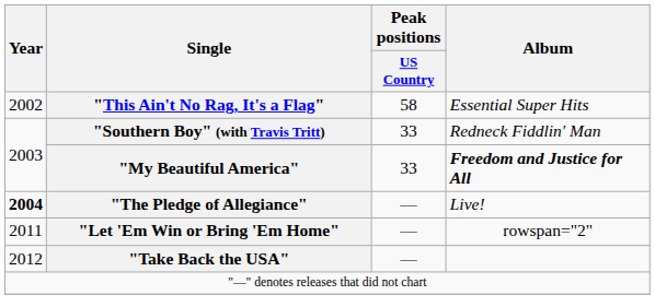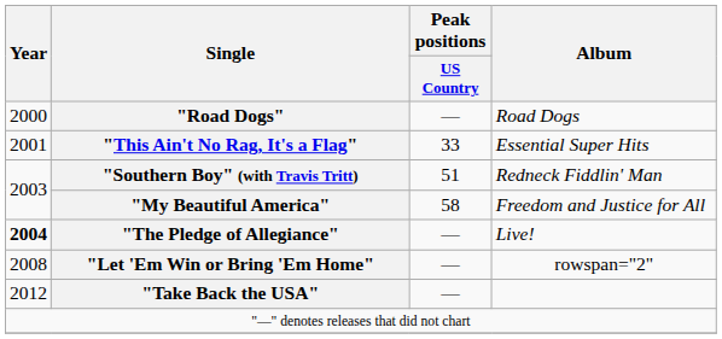 <table class="wikitable plainrowheaders" style="text-align:center;">
 <tr>
 <th rowspan="2">Year</th>
 <th rowspan="2" style="width:24em;">Single</th>
 <th colspan="1">Peak positions</th>
 <th rowspan="2" style="width:14em;">Album</th>
 </tr>
 <tr style="font-size:smaller;">
 <th width="65"><a href='#'>US Country</a></th>
 </tr>
 <tr>
-<td>2002</td>
+<td>2000</td>
+<th scope="row">"Road Dogs"</th>
+<td>—</td>
+<td align="left"><em>Road Dogs</em></td>
+</tr>
+<tr>
+<td>2001</td>
 <th scope="row">"<a href='#'>This Ain't No Rag, It's a Flag</a>"</th>
-<td>58</td>
+<td>33</td>
 <td align="left"><em>Essential Super Hits</em></td>
 </tr>
 <tr>
 <td rowspan="2">2003</td>
 <th scope="row">"Southern Boy" <small>(with <a href='#'>Travis Tritt</a>)</small></th>
-<td>33</td>
+<td>51</td>
 <td align="left"><em>Redneck Fiddlin' Man</em></td>
 </tr>
 <tr>
 <th scope="row">"My Beautiful America"</th>
-<td>33</td>
-<td align="left"><strong><em>Freedom and Justice for All</em></strong></td>
+<td>58</td>
+<td align="left"><em>Freedom and Justice for All</em></td>
 </tr>
 <tr>
 <td><strong>2004</strong></td>
 <th scope="row">"The Pledge of Allegiance"</th>
 <td>—</td>
 <td align="left"><em>Live!</em></td>
 </tr>
 <tr>
-<td>2011</td>
+<td>2008</td>
 <th scope="row">"Let 'Em Win or Bring 'Em Home"</th>
 <td>—</td>
 <td>rowspan="2" </td>
 </tr>
 <tr>
 <td>2012</td>
 <th scope="row">"Take Back the USA"</th>
 <td>—</td>
 </tr>
 <tr>
 <td colspan="4" style="font-size:9pt">"—" denotes releases that did not chart</td>
 </tr>
 <tr>
 </tr>
 </table>
